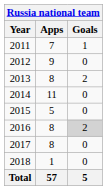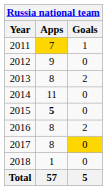 <table class=wikitable style="text-align: center;">
 <tr>
 <th colspan=3><a href='#'>Russia national team</a></th>
 </tr>
 <tr>
 <th>Year</th>
 <th>Apps</th>
 <th>Goals</th>
 </tr>
 <tr>
 <td>2011</td>
-<td>7</td>
+<td style="background: gold;">7</td>
 <td>1</td>
 </tr>
 <tr>
 <td>2012</td>
 <td>9</td>
 <td>0</td>
 </tr>
 <tr>
 <td>2013</td>
 <td>8</td>
 <td>2</td>
 </tr>
 <tr>
 <td>2014</td>
 <td>11</td>
 <td>0</td>
 </tr>
 <tr>
 <td>2015</td>
-<td>5</td>
+<td><strong>5</strong></td>
 <td>0</td>
 </tr>
 <tr>
 <td>2016</td>
 <td>8</td>
-<td style="background: lightgrey;">2</td>
+<td>2</td>
 </tr>
 <tr>
 <td>2017</td>
 <td>8</td>
-<td>0</td>
+<td style="background: gold;">0</td>
 </tr>
 <tr>
 <td>2018</td>
 <td>1</td>
 <td>0</td>
 </tr>
 <tr>
 <th>Total</th>
 <th>57</th>
 <th>5</th>
 </tr>
 </table>
